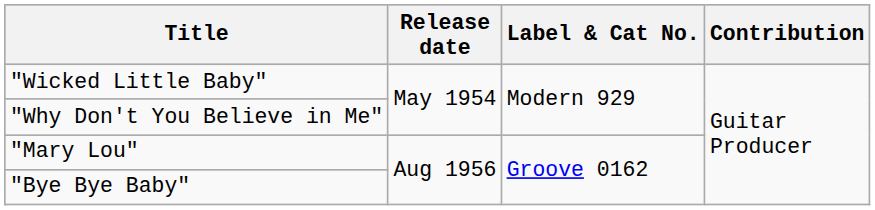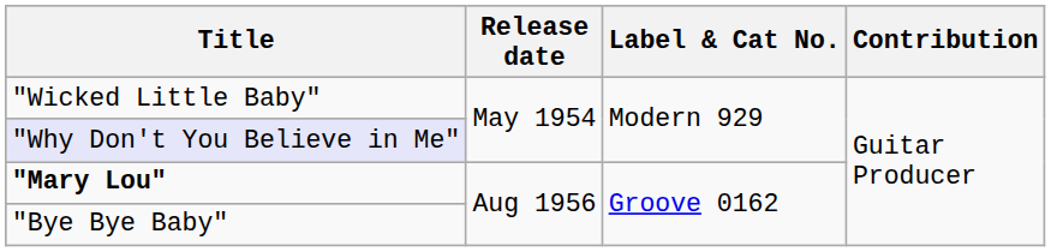 <table class="wikitable">
 <tr>
 <th>Title</th>
 <th>Release<br>date</th>
 <th>Label & Cat No.</th>
 <th>Contribution</th>
 </tr>
 <tr>
 <td>"Wicked Little Baby"</td>
 <td rowspan="2">May 1954</td>
 <td rowspan="2">Modern 929</td>
 <td rowspan="4">Guitar<br>Producer</td>
 </tr>
 <tr>
-<td>"Why Don't You Believe in Me"</td>
+<td style="background: lavender;">"Why Don't You Believe in Me"</td>
 </tr>
 <tr>
-<td>"Mary Lou"</td>
+<td><strong>"Mary Lou"</strong></td>
 <td rowspan="2">Aug 1956</td>
 <td rowspan="2"><a href='#'>Groove</a> 0162</td>
 </tr>
 <tr>
 <td>"Bye Bye Baby"</td>
 </tr>
 </table>
